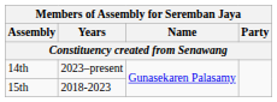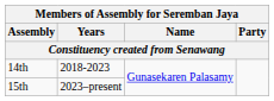 <table class="wikitable">
 <tr>
 <th colspan="4">Members of Assembly for Seremban Jaya</th>
 </tr>
 <tr>
 <th>Assembly</th>
 <th>Years</th>
 <th>Name</th>
 <th>Party</th>
 </tr>
 <tr>
 <th colspan="4"><em>Constituency created from Senawang</em></th>
 </tr>
 <tr>
 <td>14th</td>
-<td>2023–present</td>
+<td>2018-2023</td>
 <td rowspan=2><a href='#'>Gunasekaren Palasamy</a></td>
 <td rowspan=2></td>
 </tr>
 <tr>
 <td>15th</td>
-<td>2018-2023</td>
+<td>2023–present</td>
 </tr>
 </table>
